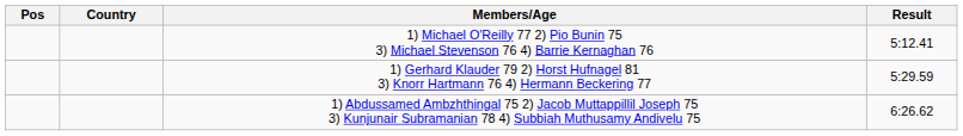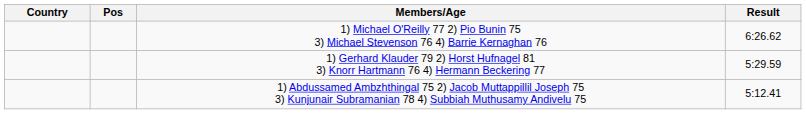 <table class="wikitable"  style="text-align:center; width:60%;">
 <tr>
+<th>Country</th>
 <th>Pos</th>
-<th>Country</th>
 <th>Members/Age</th>
 <th>Result</th>
 </tr>
 <tr>
+<td align=left></td>
 <td align=center></td>
-<td align=left></td>
 <td>1) <a href='#'>Michael O'Reilly</a> 77 2) <a href='#'>Pio Bunin</a> 75<br>3) <a href='#'>Michael Stevenson</a> 76 4) <a href='#'>Barrie Kernaghan</a> 76</td>
-<td>5:12.41</td>
+<td>6:26.62</td>
 </tr>
 <tr>
+<td align=left></td>
 <td align=center></td>
-<td align=left></td>
 <td>1) <a href='#'>Gerhard Klauder</a> 79 2) <a href='#'>Horst Hufnagel</a> 81<br>3) <a href='#'>Knorr Hartmann</a> 76 4) <a href='#'>Hermann Beckering</a> 77</td>
 <td>5:29.59</td>
 </tr>
 <tr>
+<td align=left></td>
 <td align=center></td>
-<td align=left></td>
 <td>1) <a href='#'>Abdussamed Ambzhthingal</a> 75 2) <a href='#'>Jacob Muttappillil Joseph</a> 75<br>3) <a href='#'>Kunjunair Subramanian</a> 78 4) <a href='#'>Subbiah Muthusamy Andivelu</a> 75</td>
-<td>6:26.62</td>
+<td>5:12.41</td>
 </tr>
 </table>
